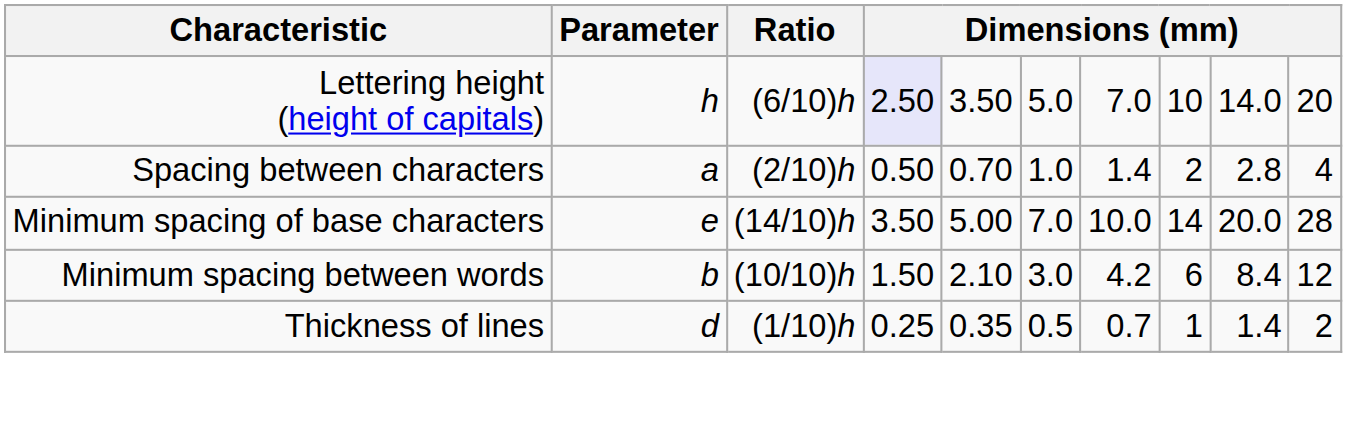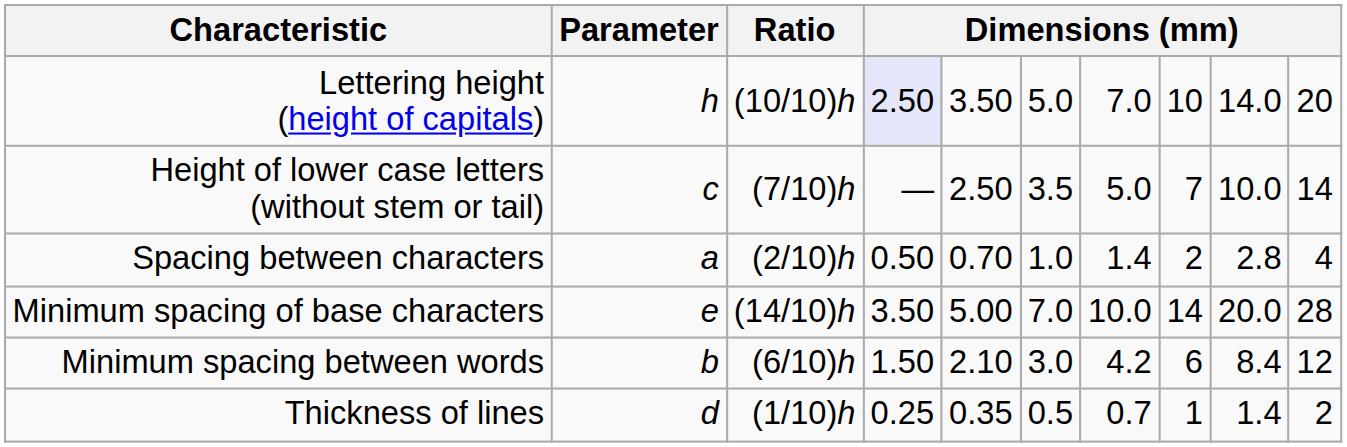 <table class="wikitable" style="font-variant-numeric:tabular-nums; text-align:right;">
 <tr>
 <th>Characteristic</th>
 <th>Parameter</th>
 <th>Ratio</th>
 <th colspan=7>Dimensions (mm)</th>
 </tr>
 <tr>
 <td>Lettering height<br>(<a href='#'>height of capitals</a>)</td>
 <td><em>h</em></td>
-<td>(6/10)<em>h</em></td>
+<td>(10/10)<em>h</em></td>
 <td style="background: lavender;">2.50</td>
 <td>3.50</td>
 <td>5.0</td>
 <td>7.0</td>
 <td>10</td>
 <td>14.0</td>
 <td>20</td>
+</tr>
+<tr>
+<td>Height of lower case letters<br>(without stem or tail)</td>
+<td><em>c</em></td>
+<td>(7/10)<em>h</em></td>
+<td>—</td>
+<td>2.50</td>
+<td>3.5</td>
+<td>5.0</td>
+<td>7</td>
+<td>10.0</td>
+<td>14</td>
 </tr>
 <tr>
 <td>Spacing between characters</td>
 <td><em>a</em></td>
 <td>(2/10)<em>h</em></td>
 <td>0.50</td>
 <td>0.70</td>
 <td>1.0</td>
 <td>1.4</td>
 <td>2</td>
 <td>2.8</td>
 <td>4</td>
 </tr>
 <tr>
 <td>Minimum spacing of base characters</td>
 <td><em>e</em></td>
 <td>(14/10)<em>h</em></td>
 <td>3.50</td>
 <td>5.00</td>
 <td>7.0</td>
 <td>10.0</td>
 <td>14</td>
 <td>20.0</td>
 <td>28</td>
 </tr>
 <tr>
 <td>Minimum spacing between words</td>
 <td><em>b</em></td>
-<td>(10/10)<em>h</em></td>
+<td>(6/10)<em>h</em></td>
 <td>1.50</td>
 <td>2.10</td>
 <td>3.0</td>
 <td>4.2</td>
 <td>6</td>
 <td>8.4</td>
 <td>12</td>
 </tr>
 <tr>
 <td>Thickness of lines</td>
 <td><em>d</em></td>
 <td>(1/10)<em>h</em></td>
 <td>0.25</td>
 <td>0.35</td>
 <td>0.5</td>
 <td>0.7</td>
 <td>1</td>
 <td>1.4</td>
 <td>2</td>
 </tr>
 </table>
